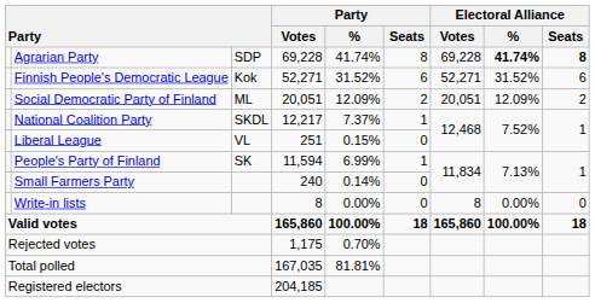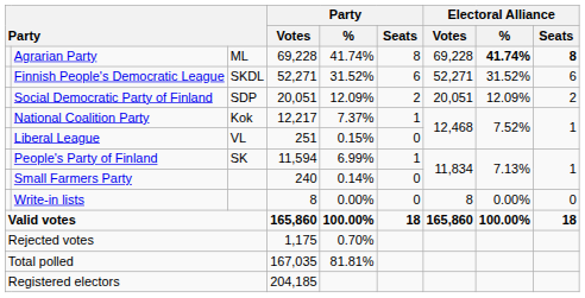 <table class="wikitable" border="1" style="text-align:right;">
 <tr>
 <th style="text-align:left;" valign=bottom rowspan=2 colspan=3>Party</th>
 <th colspan=3>Party</th>
 <th colspan=3>Electoral Alliance</th>
 </tr>
 <tr>
 <th align=center valign=bottom width="50">Votes</th>
 <th align=center valign=bottom width="50">%</th>
 <th align=center valign=bottom width="50">Seats</th>
 <th align=center valign=bottom width="50">Votes</th>
 <th align=center valign=bottom width="50">%</th>
 <th align=center valign=bottom width="50">Seats</th>
 </tr>
 <tr>
 <td></td>
 <td align=left><a href='#'>Agrarian Party</a></td>
-<td align=left>SDP</td>
+<td align=left>ML</td>
 <td>69,228</td>
 <td>41.74%</td>
 <td>8</td>
 <td>69,228</td>
 <td><strong>41.74%</strong></td>
 <td><strong>8</strong></td>
 </tr>
 <tr>
 <td></td>
 <td align=left><a href='#'>Finnish People's Democratic League</a></td>
-<td align=left>Kok</td>
+<td align=left>SKDL</td>
 <td>52,271</td>
 <td>31.52%</td>
 <td>6</td>
 <td>52,271</td>
 <td>31.52%</td>
 <td>6</td>
 </tr>
 <tr>
 <td></td>
 <td align=left style="white-space: nowrap;"><a href='#'>Social Democratic Party of Finland</a></td>
-<td align=left>ML</td>
+<td align=left>SDP</td>
 <td>20,051</td>
 <td>12.09%</td>
 <td>2</td>
 <td>20,051</td>
 <td>12.09%</td>
 <td>2</td>
 </tr>
 <tr>
 <td></td>
 <td align=left><a href='#'>National Coalition Party</a></td>
-<td align=left>SKDL</td>
+<td align=left>Kok</td>
 <td>12,217</td>
 <td>7.37%</td>
 <td>1</td>
 <td rowspan=2>12,468</td>
 <td rowspan=2>7.52%</td>
 <td rowspan=2>1</td>
 </tr>
 <tr>
 <td></td>
 <td align=left><a href='#'>Liberal League</a></td>
 <td align=left>VL</td>
 <td>251</td>
 <td>0.15%</td>
 <td>0</td>
 </tr>
 <tr>
 <td></td>
 <td align=left><a href='#'>People's Party of Finland</a></td>
 <td align=left>SK</td>
 <td>11,594</td>
 <td>6.99%</td>
 <td>1</td>
 <td rowspan=2>11,834</td>
 <td rowspan=2>7.13%</td>
 <td rowspan=2>1</td>
 </tr>
 <tr>
 <td></td>
 <td align=left><a href='#'>Small Farmers Party</a></td>
 <td align=left></td>
 <td>240</td>
 <td>0.14%</td>
 <td>0</td>
 </tr>
 <tr>
 <td></td>
 <td align=left><a href='#'>Write-in lists</a></td>
 <td align=left></td>
 <td>8</td>
 <td>0.00%</td>
 <td>0</td>
 <td>8</td>
 <td>0.00%</td>
 <td>0</td>
 </tr>
 <tr style="font-weight:bold">
 <td align=left colspan=3>Valid votes</td>
 <td>165,860</td>
 <td>100.00%</td>
 <td>18</td>
 <td>165,860</td>
 <td>100.00%</td>
 <td>18</td>
 </tr>
 <tr>
 <td align=left colspan=3>Rejected votes</td>
 <td>1,175</td>
 <td>0.70%</td>
 <td></td>
 <td></td>
 <td></td>
 <td></td>
 </tr>
 <tr>
 <td align=left colspan=3>Total polled</td>
 <td>167,035</td>
 <td>81.81%</td>
 <td></td>
 <td></td>
 <td></td>
 <td></td>
 </tr>
 <tr>
 <td align=left colspan=3>Registered electors</td>
 <td>204,185</td>
 <td></td>
 <td></td>
 <td></td>
 <td></td>
 <td></td>
 </tr>
 </table>
